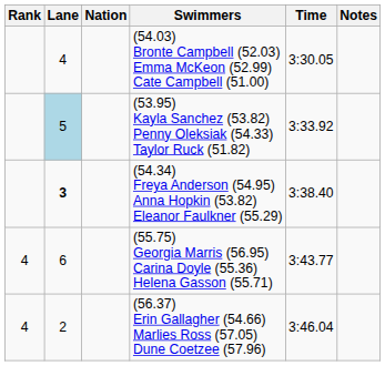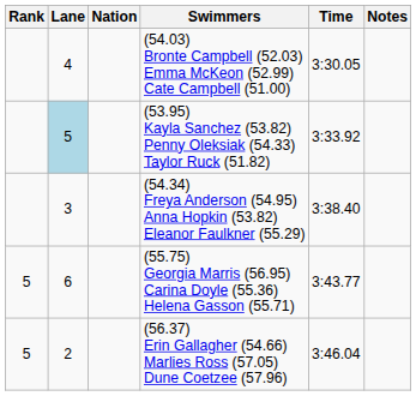 <table class="wikitable sortable" style="text-align:center">
 <tr>
 <th>Rank</th>
 <th>Lane</th>
 <th>Nation</th>
 <th>Swimmers</th>
 <th>Time</th>
 <th>Notes</th>
 </tr>
 <tr>
 <td></td>
 <td>4</td>
 <td align=left></td>
 <td align=left> (54.03) <br><a href='#'>Bronte Campbell</a> (52.03)<br><a href='#'>Emma McKeon</a> (52.99)<br><a href='#'>Cate Campbell</a> (51.00)</td>
 <td>3:30.05</td>
 <td></td>
 </tr>
 <tr>
 <td></td>
 <td style="background: lightblue;">5</td>
 <td align=left></td>
 <td align=left> (53.95)<br><a href='#'>Kayla Sanchez</a> (53.82)<br><a href='#'>Penny Oleksiak</a> (54.33)<br><a href='#'>Taylor Ruck</a> (51.82)</td>
 <td>3:33.92</td>
 <td></td>
 </tr>
 <tr>
 <td></td>
-<td><strong>3</strong></td>
+<td>3</td>
 <td align=left></td>
 <td align=left> (54.34)<br><a href='#'>Freya Anderson</a> (54.95)<br><a href='#'>Anna Hopkin</a> (53.82)<br><a href='#'>Eleanor Faulkner</a> (55.29)</td>
 <td>3:38.40</td>
 <td></td>
 </tr>
 <tr>
-<td>4</td>
+<td>5</td>
 <td>6</td>
 <td align=left></td>
 <td align=left> (55.75)<br><a href='#'>Georgia Marris</a> (56.95)<br><a href='#'>Carina Doyle</a> (55.36)<br><a href='#'>Helena Gasson</a> (55.71)</td>
 <td>3:43.77</td>
 <td></td>
 </tr>
 <tr>
-<td>4</td>
+<td>5</td>
 <td>2</td>
 <td align=left></td>
 <td align=left> (56.37)<br><a href='#'>Erin Gallagher</a> (54.66)<br><a href='#'>Marlies Ross</a> (57.05)<br><a href='#'>Dune Coetzee</a> (57.96)</td>
 <td>3:46.04</td>
 <td></td>
 </tr>
 </table>
